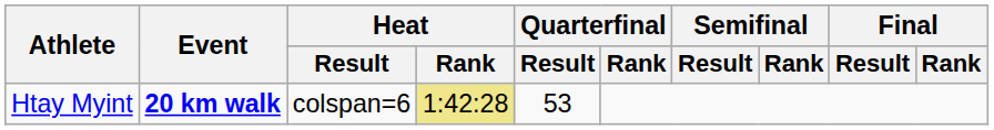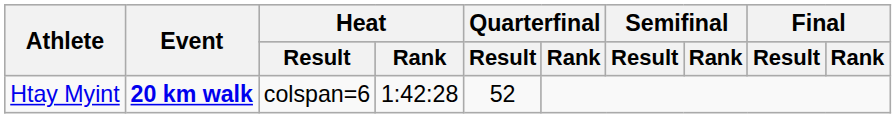 <table class="wikitable" style="font-size:90%">
 <tr>
 <th rowspan="2">Athlete</th>
 <th rowspan="2">Event</th>
 <th colspan="2">Heat</th>
 <th colspan="2">Quarterfinal</th>
 <th colspan="2">Semifinal</th>
 <th colspan="2">Final</th>
 </tr>
 <tr style="font-size:95%">
 <th>Result</th>
 <th>Rank</th>
 <th>Result</th>
 <th>Rank</th>
 <th>Result</th>
 <th>Rank</th>
 <th>Result</th>
 <th>Rank</th>
 </tr>
 <tr align=center>
 <td align=left><a href='#'>Htay Myint</a></td>
 <td align=left><strong><a href='#'>20 km walk</a></strong></td>
 <td>colspan=6 </td>
-<td style="background: khaki;">1:42:28</td>
-<td>53</td>
+<td>1:42:28</td>
+<td>52</td>
 </tr>
 </table>
